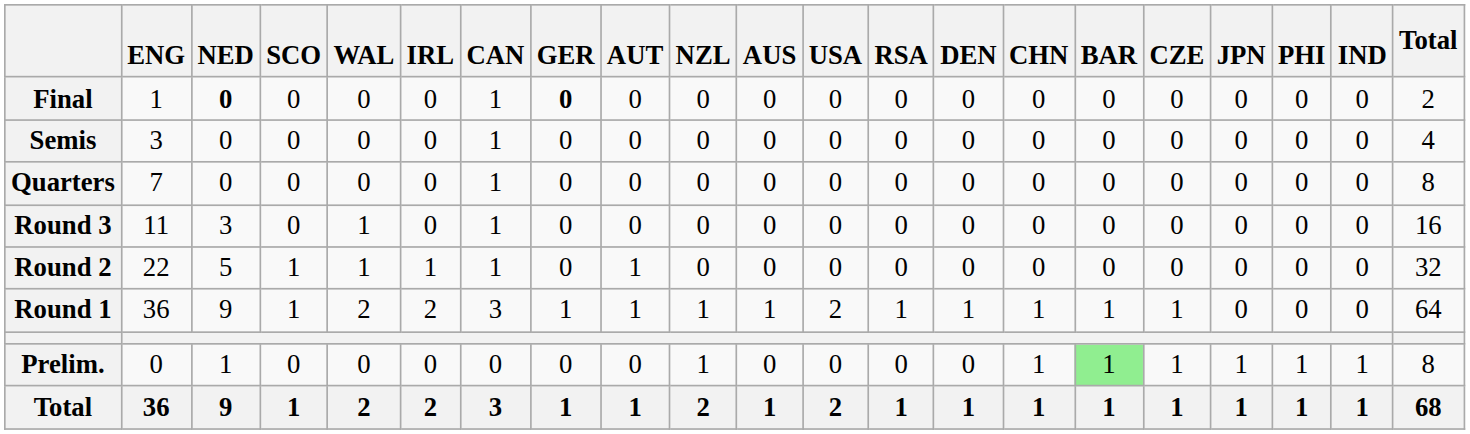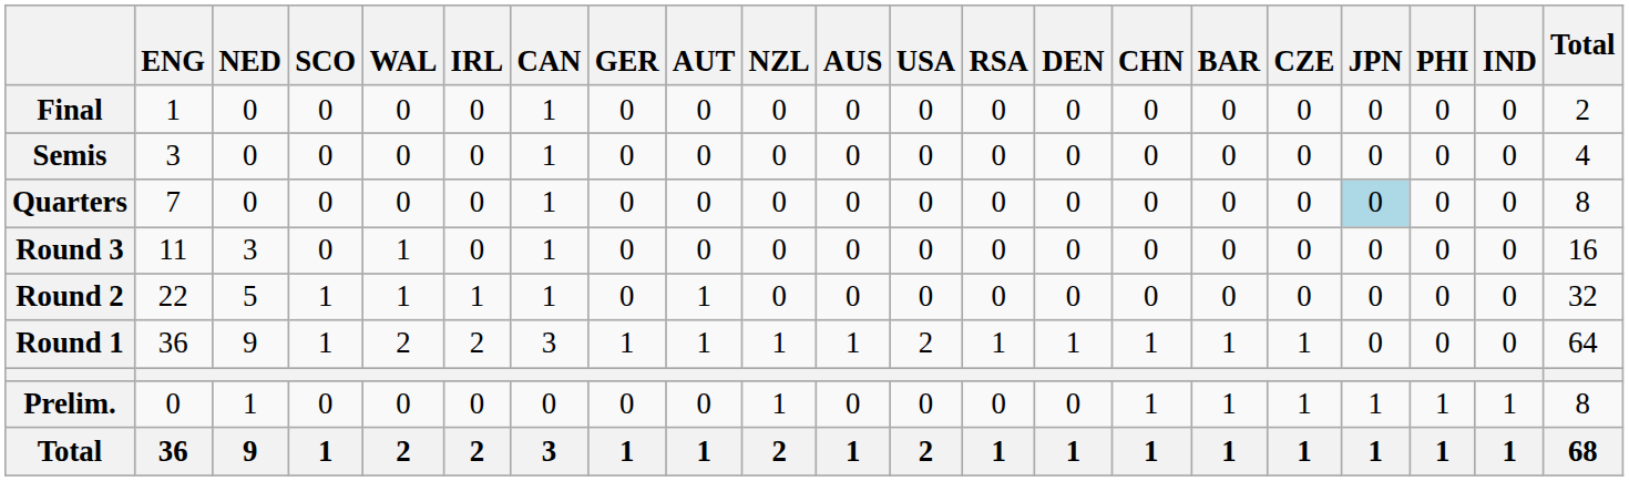 <table class="wikitable">
 <tr>
 <th></th>
 <th> <br>ENG</th>
 <th> <br>NED</th>
 <th> <br>SCO</th>
 <th> <br>WAL</th>
 <th> <br>IRL</th>
 <th> <br>CAN</th>
 <th> <br>GER</th>
 <th> <br>AUT</th>
 <th> <br>NZL</th>
 <th> <br>AUS</th>
 <th> <br>USA</th>
 <th> <br>RSA</th>
 <th> <br>DEN</th>
 <th> <br>CHN</th>
 <th> <br>BAR</th>
 <th> <br>CZE</th>
 <th> <br>JPN</th>
 <th> <br>PHI</th>
 <th> <br>IND</th>
 <th>Total</th>
 </tr>
 <tr align="center">
 <th>Final</th>
 <td>1</td>
-<td><strong>0</strong></td>
+<td>0</td>
 <td>0</td>
 <td>0</td>
 <td>0</td>
 <td>1</td>
-<td><strong>0</strong></td>
+<td>0</td>
 <td>0</td>
 <td>0</td>
 <td>0</td>
 <td>0</td>
 <td>0</td>
 <td>0</td>
 <td>0</td>
 <td>0</td>
 <td>0</td>
 <td>0</td>
 <td>0</td>
 <td>0</td>
 <td>2</td>
 </tr>
 <tr align="center">
 <th>Semis</th>
 <td>3</td>
 <td>0</td>
 <td>0</td>
 <td>0</td>
 <td>0</td>
 <td>1</td>
 <td>0</td>
 <td>0</td>
 <td>0</td>
 <td>0</td>
 <td>0</td>
 <td>0</td>
 <td>0</td>
 <td>0</td>
 <td>0</td>
 <td>0</td>
 <td>0</td>
 <td>0</td>
 <td>0</td>
 <td>4</td>
 </tr>
 <tr align="center">
 <th>Quarters</th>
 <td>7</td>
 <td>0</td>
 <td>0</td>
 <td>0</td>
 <td>0</td>
 <td>1</td>
 <td>0</td>
 <td>0</td>
 <td>0</td>
 <td>0</td>
 <td>0</td>
 <td>0</td>
 <td>0</td>
 <td>0</td>
 <td>0</td>
 <td>0</td>
-<td>0</td>
+<td style="background: lightblue;">0</td>
 <td>0</td>
 <td>0</td>
 <td>8</td>
 </tr>
 <tr align="center">
 <th>Round 3</th>
 <td>11</td>
 <td>3</td>
 <td>0</td>
 <td>1</td>
 <td>0</td>
 <td>1</td>
 <td>0</td>
 <td>0</td>
 <td>0</td>
 <td>0</td>
 <td>0</td>
 <td>0</td>
 <td>0</td>
 <td>0</td>
 <td>0</td>
 <td>0</td>
 <td>0</td>
 <td>0</td>
 <td>0</td>
 <td>16</td>
 </tr>
 <tr align="center">
 <th>Round 2</th>
 <td>22</td>
 <td>5</td>
 <td>1</td>
 <td>1</td>
 <td>1</td>
 <td>1</td>
 <td>0</td>
 <td>1</td>
 <td>0</td>
 <td>0</td>
 <td>0</td>
 <td>0</td>
 <td>0</td>
 <td>0</td>
 <td>0</td>
 <td>0</td>
 <td>0</td>
 <td>0</td>
 <td>0</td>
 <td>32</td>
 </tr>
 <tr align="center">
 <th>Round 1</th>
 <td>36</td>
 <td>9</td>
 <td>1</td>
 <td>2</td>
 <td>2</td>
 <td>3</td>
 <td>1</td>
 <td>1</td>
 <td>1</td>
 <td>1</td>
 <td>2</td>
 <td>1</td>
 <td>1</td>
 <td>1</td>
 <td>1</td>
 <td>1</td>
 <td>0</td>
 <td>0</td>
 <td>0</td>
 <td>64</td>
 </tr>
 <tr align="center">
 <th colspan=1></th>
 <th colspan=19></th>
 <th colspan=1></th>
 </tr>
 <tr align="center">
 <th>Prelim.</th>
 <td>0</td>
 <td>1</td>
 <td>0</td>
 <td>0</td>
 <td>0</td>
 <td>0</td>
 <td>0</td>
 <td>0</td>
 <td>1</td>
 <td>0</td>
 <td>0</td>
 <td>0</td>
 <td>0</td>
 <td>1</td>
-<td style="background: lightgreen;">1</td>
+<td>1</td>
 <td>1</td>
 <td>1</td>
 <td>1</td>
 <td>1</td>
 <td>8</td>
 </tr>
 <tr align="center">
 <th>Total</th>
 <th>36</th>
 <th>9</th>
 <th>1</th>
 <th>2</th>
 <th>2</th>
 <th>3</th>
 <th>1</th>
 <th>1</th>
 <th>2</th>
 <th>1</th>
 <th>2</th>
 <th>1</th>
 <th>1</th>
 <th>1</th>
 <th>1</th>
 <th>1</th>
 <th>1</th>
 <th>1</th>
 <th>1</th>
 <th>68</th>
 </tr>
 </table>
